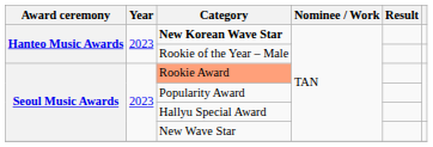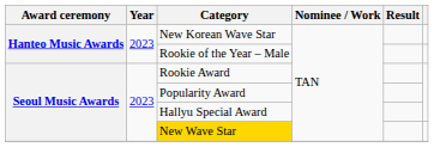 <table class="wikitable plainrowheaders sortable">
 <tr>
 <th scope="col">Award ceremony</th>
 <th scope="col">Year</th>
 <th scope="col">Category</th>
 <th scope="col">Nominee / Work</th>
 <th scope="col">Result</th>
 <th scope="col" class="unsortable"></th>
 </tr>
 <tr>
 <th scope="row" rowspan="2"><a href='#'>Hanteo Music Awards</a></th>
 <td rowspan="2"><a href='#'>2023</a></td>
-<td><strong>New Korean Wave Star</strong></td>
+<td>New Korean Wave Star</td>
 <td rowspan="6">TAN</td>
 <td></td>
 <td></td>
 </tr>
 <tr>
 <td>Rookie of the Year – Male</td>
 <td></td>
 <td></td>
 </tr>
 <tr>
 <th scope="row" rowspan="4"><a href='#'>Seoul Music Awards</a></th>
 <td rowspan="4"><a href='#'>2023</a></td>
-<td style="background: lightsalmon;">Rookie Award</td>
+<td>Rookie Award</td>
 <td></td>
 <td rowspan="3"></td>
 </tr>
 <tr>
 <td>Popularity Award</td>
 <td></td>
 </tr>
 <tr>
 <td>Hallyu Special Award</td>
 <td></td>
 </tr>
 <tr>
-<td>New Wave Star</td>
+<td style="background: gold;">New Wave Star</td>
 <td></td>
 <td></td>
 </tr>
 <tr>
 </tr>
 </table>
